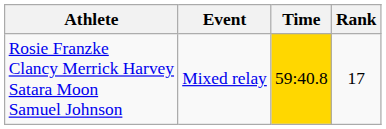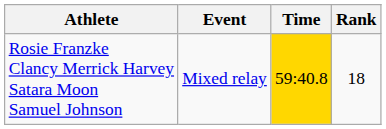 <table class="wikitable" style="font-size:90%">
 <tr>
 <th>Athlete</th>
 <th>Event</th>
 <th>Time</th>
 <th>Rank</th>
 </tr>
 <tr align=center>
 <td align=left><a href='#'>Rosie Franzke</a><br><a href='#'>Clancy Merrick Harvey</a><br><a href='#'>Satara Moon</a><br><a href='#'>Samuel Johnson</a></td>
 <td align=left><a href='#'>Mixed relay</a></td>
 <td style="background: gold;">59:40.8</td>
-<td>17</td>
+<td>18</td>
 </tr>
 </table>
